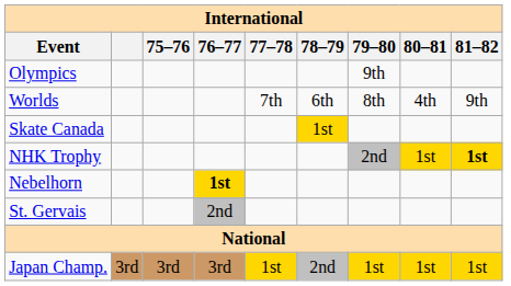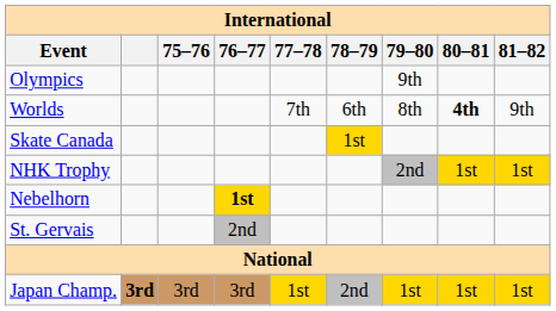 <table class="wikitable" style="text-align:center">
 <tr>
 <th style="background-color: #ffdead; " colspan=9 align=center>International</th>
 </tr>
 <tr>
 <th>Event</th>
 <th></th>
 <th>75–76</th>
 <th>76–77</th>
 <th>77–78</th>
 <th>78–79</th>
 <th>79–80</th>
 <th>80–81</th>
 <th>81–82</th>
 </tr>
 <tr>
 <td align=left><a href='#'>Olympics</a></td>
 <td></td>
 <td></td>
 <td></td>
 <td></td>
 <td></td>
 <td>9th</td>
 <td></td>
 <td></td>
 </tr>
 <tr>
 <td align=left><a href='#'>Worlds</a></td>
 <td></td>
 <td></td>
 <td></td>
 <td>7th</td>
 <td>6th</td>
 <td>8th</td>
-<td>4th</td>
+<td><strong>4th</strong></td>
 <td>9th</td>
 </tr>
 <tr>
 <td align=left><a href='#'>Skate Canada</a></td>
 <td></td>
 <td></td>
 <td></td>
 <td></td>
 <td bgcolor=gold>1st</td>
 <td></td>
 <td></td>
 <td></td>
 </tr>
 <tr>
 <td align=left><a href='#'>NHK Trophy</a></td>
 <td></td>
 <td></td>
 <td></td>
 <td></td>
 <td></td>
 <td bgcolor=silver>2nd</td>
 <td bgcolor=gold>1st</td>
-<td bgcolor=gold><strong>1st</strong></td>
+<td bgcolor=gold>1st</td>
 </tr>
 <tr>
 <td align=left><a href='#'>Nebelhorn</a></td>
 <td></td>
 <td></td>
 <td bgcolor=gold><strong>1st</strong></td>
 <td></td>
 <td></td>
 <td></td>
 <td></td>
 <td></td>
 </tr>
 <tr>
 <td align=left><a href='#'>St. Gervais</a></td>
 <td></td>
 <td></td>
 <td bgcolor=silver>2nd</td>
 <td></td>
 <td></td>
 <td></td>
 <td></td>
 <td></td>
 </tr>
 <tr>
 <th style="background-color: #ffdead; " colspan=9 align=center>National</th>
 </tr>
 <tr>
 <td align=left><a href='#'>Japan Champ.</a></td>
-<td bgcolor=cc9966>3rd</td>
+<td bgcolor=cc9966><strong>3rd</strong></td>
 <td bgcolor=cc9966>3rd</td>
 <td bgcolor=cc9966>3rd</td>
 <td bgcolor=gold>1st</td>
 <td bgcolor=silver>2nd</td>
 <td bgcolor=gold>1st</td>
 <td bgcolor=gold>1st</td>
 <td bgcolor=gold>1st</td>
 </tr>
 </table>
